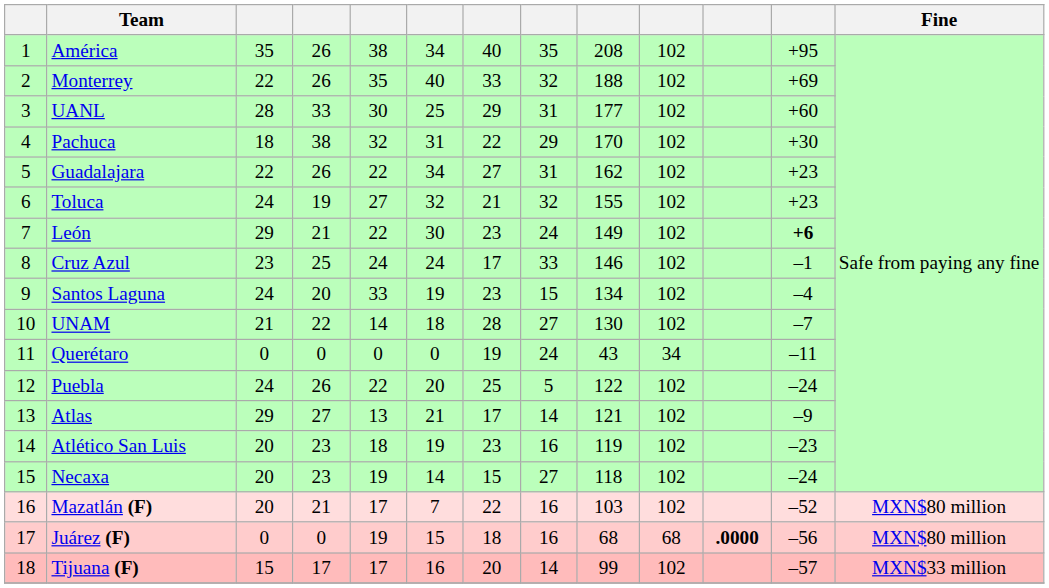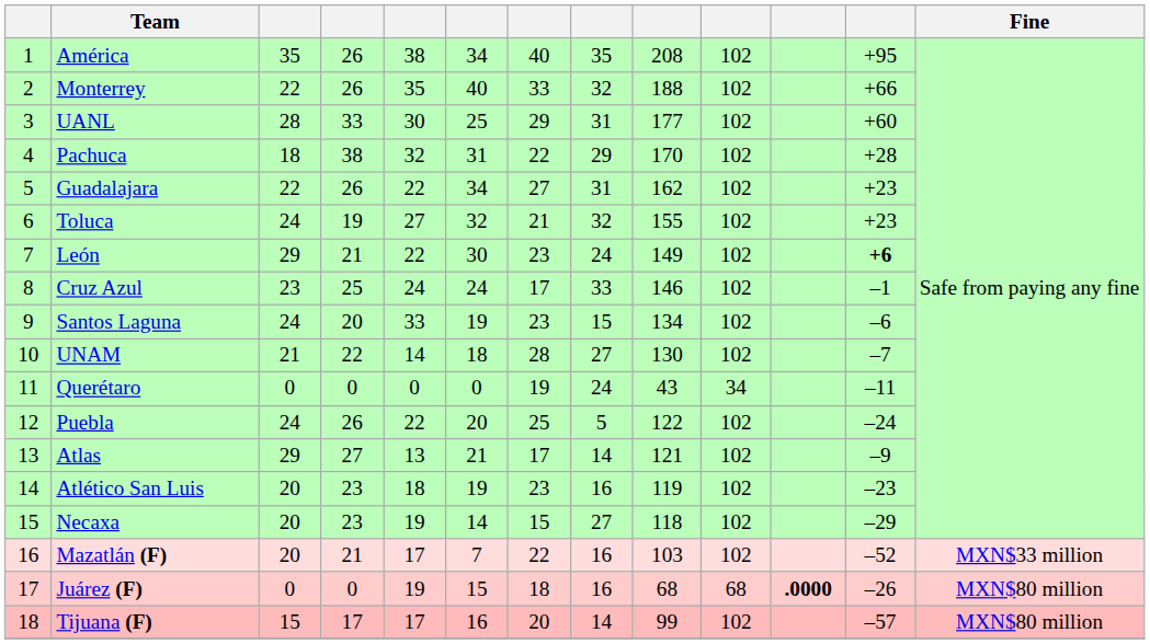 <table class="wikitable sortable" style="text-align: center;">
 <tr>
 <th width=28><br></th>
 <th width=150>Team</th>
 <th width=40></th>
 <th width=40></th>
 <th width=40></th>
 <th width=40></th>
 <th width=40></th>
 <th width=40></th>
 <th width=45></th>
 <th width=45></th>
 <th width=50><br></th>
 <th width=45><br></th>
 <th>Fine</th>
 </tr>
 <tr style="text-align:center;background:#BBFFBB;">
 <td>1</td>
 <td align=left><a href='#'>América</a></td>
 <td>35</td>
 <td>26</td>
 <td>38</td>
 <td>34</td>
 <td>40</td>
 <td>35</td>
 <td>208</td>
 <td>102</td>
 <td><strong></strong></td>
 <td>+95</td>
 <td align=center rowspan=15>Safe from paying any fine</td>
 </tr>
 <tr style="text-align:center;background:#BBFFBB;">
 <td>2</td>
 <td align=left><a href='#'>Monterrey</a></td>
 <td>22</td>
 <td>26</td>
 <td>35</td>
 <td>40</td>
 <td>33</td>
 <td>32</td>
 <td>188</td>
 <td>102</td>
 <td><strong></strong></td>
-<td>+69</td>
+<td>+66</td>
 </tr>
 <tr style="text-align:center;background:#BBFFBB;">
 <td>3</td>
 <td align=left><a href='#'>UANL</a></td>
 <td>28</td>
 <td>33</td>
 <td>30</td>
 <td>25</td>
 <td>29</td>
 <td>31</td>
 <td>177</td>
 <td>102</td>
 <td><strong></strong></td>
 <td>+60</td>
 </tr>
 <tr style="text-align:center;background:#BBFFBB;">
 <td>4</td>
 <td align=left><a href='#'>Pachuca</a></td>
 <td>18</td>
 <td>38</td>
 <td>32</td>
 <td>31</td>
 <td>22</td>
 <td>29</td>
 <td>170</td>
 <td>102</td>
 <td><strong></strong></td>
-<td>+30</td>
+<td>+28</td>
 </tr>
 <tr style="text-align:center;background:#BBFFBB;">
 <td>5</td>
 <td align=left><a href='#'>Guadalajara</a></td>
 <td>22</td>
 <td>26</td>
 <td>22</td>
 <td>34</td>
 <td>27</td>
 <td>31</td>
 <td>162</td>
 <td>102</td>
 <td><strong></strong></td>
 <td>+23</td>
 </tr>
 <tr style="text-align:center;background:#BBFFBB;">
 <td>6</td>
 <td align=left><a href='#'>Toluca</a></td>
 <td>24</td>
 <td>19</td>
 <td>27</td>
 <td>32</td>
 <td>21</td>
 <td>32</td>
 <td>155</td>
 <td>102</td>
 <td><strong></strong></td>
 <td>+23</td>
 </tr>
 <tr style="text-align:center;background:#BBFFBB;">
 <td>7</td>
 <td align=left><a href='#'>León</a></td>
 <td>29</td>
 <td>21</td>
 <td>22</td>
 <td>30</td>
 <td>23</td>
 <td>24</td>
 <td>149</td>
 <td>102</td>
 <td><strong></strong></td>
 <td><strong>+6</strong></td>
 </tr>
 <tr style="text-align:center;background:#BBFFBB;">
 <td>8</td>
 <td align=left><a href='#'>Cruz Azul</a></td>
 <td>23</td>
 <td>25</td>
 <td>24</td>
 <td>24</td>
 <td>17</td>
 <td>33</td>
 <td>146</td>
 <td>102</td>
 <td><strong></strong></td>
 <td>–1</td>
 </tr>
 <tr style="text-align:center;background:#BBFFBB;">
 <td>9</td>
 <td align=left><a href='#'>Santos Laguna</a></td>
 <td>24</td>
 <td>20</td>
 <td>33</td>
 <td>19</td>
 <td>23</td>
 <td>15</td>
 <td>134</td>
 <td>102</td>
 <td><strong></strong></td>
-<td>–4</td>
+<td>–6</td>
 </tr>
 <tr style="text-align:center;background:#BBFFBB;">
 <td>10</td>
 <td align=left><a href='#'>UNAM</a></td>
 <td>21</td>
 <td>22</td>
 <td>14</td>
 <td>18</td>
 <td>28</td>
 <td>27</td>
 <td>130</td>
 <td>102</td>
 <td><strong></strong></td>
 <td>–7</td>
 </tr>
 <tr style="text-align:center;background:#BBFFBB;">
 <td>11</td>
 <td align=left><a href='#'>Querétaro</a></td>
 <td>0</td>
 <td>0</td>
 <td>0</td>
 <td>0</td>
 <td>19</td>
 <td>24</td>
 <td>43</td>
 <td>34</td>
 <td><strong></strong></td>
 <td>–11</td>
 </tr>
 <tr style="text-align:center;background:#BBFFBB;">
 <td>12</td>
 <td align=left><a href='#'>Puebla</a></td>
 <td>24</td>
 <td>26</td>
 <td>22</td>
 <td>20</td>
 <td>25</td>
 <td>5</td>
 <td>122</td>
 <td>102</td>
 <td><strong></strong></td>
 <td>–24</td>
 </tr>
 <tr style="text-align:center;background:#BBFFBB;">
 <td>13</td>
 <td align=left><a href='#'>Atlas</a></td>
 <td>29</td>
 <td>27</td>
 <td>13</td>
 <td>21</td>
 <td>17</td>
 <td>14</td>
 <td>121</td>
 <td>102</td>
 <td><strong></strong></td>
 <td>–9</td>
 </tr>
 <tr style="text-align:center;background:#BBFFBB;">
 <td>14</td>
 <td align=left><a href='#'>Atlético San Luis</a></td>
 <td>20</td>
 <td>23</td>
 <td>18</td>
 <td>19</td>
 <td>23</td>
 <td>16</td>
 <td>119</td>
 <td>102</td>
 <td><strong></strong></td>
 <td>–23</td>
 </tr>
 <tr style="text-align:center;background:#BBFFBB;">
 <td>15</td>
 <td align=left><a href='#'>Necaxa</a></td>
 <td>20</td>
 <td>23</td>
 <td>19</td>
 <td>14</td>
 <td>15</td>
 <td>27</td>
 <td>118</td>
 <td>102</td>
 <td><strong></strong></td>
-<td>–24</td>
+<td>–29</td>
 </tr>
 <tr style="text-align:center;background:#FFDDDD;">
 <td>16</td>
 <td align=left><a href='#'>Mazatlán</a> <strong>(F)</strong></td>
 <td>20</td>
 <td>21</td>
 <td>17</td>
 <td>7</td>
 <td>22</td>
 <td>16</td>
 <td>103</td>
 <td>102</td>
 <td><strong></strong></td>
 <td>–52</td>
-<td><a href='#'>MXN$</a>80 million</td>
+<td><a href='#'>MXN$</a>33 million</td>
 </tr>
 <tr style="text-align:center;background:#FFCCCC;">
 <td>17</td>
 <td align=left><a href='#'>Juárez</a> <strong>(F)</strong></td>
 <td>0</td>
 <td>0</td>
 <td>19</td>
 <td>15</td>
 <td>18</td>
 <td>16</td>
 <td>68</td>
 <td>68</td>
 <td><strong>.0000</strong></td>
-<td>–56</td>
+<td>–26</td>
 <td><a href='#'>MXN$</a>80 million</td>
 </tr>
 <tr style="text-align:center;background:#FFBBBB;">
 <td>18</td>
 <td align=left><a href='#'>Tijuana</a> <strong>(F)</strong></td>
 <td>15</td>
 <td>17</td>
 <td>17</td>
 <td>16</td>
 <td>20</td>
 <td>14</td>
 <td>99</td>
 <td>102</td>
 <td><strong></strong></td>
 <td>–57</td>
-<td><a href='#'>MXN$</a>33 million</td>
+<td><a href='#'>MXN$</a>80 million</td>
 </tr>
 <tr style="text-align:center;background:#FFBBBB;">
 </tr>
 </table>
